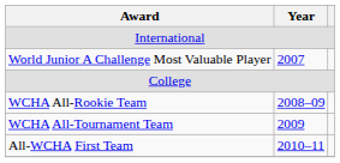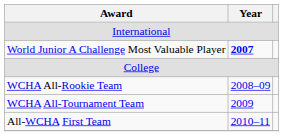 <table class="wikitable">
 <tr>
 <th>Award</th>
 <th>Year</th>
 <th></th>
 </tr>
 <tr ALIGN="center" bgcolor="#e0e0e0">
 <td colspan="3"><a href='#'>International</a></td>
 </tr>
 <tr>
 <td><a href='#'>World Junior A Challenge</a> Most Valuable Player</td>
-<td><a href='#'>2007</a></td>
+<td><strong><a href='#'>2007</a></strong></td>
 <td></td>
 </tr>
 <tr ALIGN="center" bgcolor="#e0e0e0">
 <td colspan="3"><a href='#'>College</a></td>
 </tr>
 <tr>
 <td><a href='#'>WCHA</a> All-<a href='#'>Rookie Team</a></td>
 <td><a href='#'>2008–09</a></td>
 <td></td>
 </tr>
 <tr>
 <td><a href='#'>WCHA</a> <a href='#'>All-Tournament Team</a></td>
 <td><a href='#'>2009</a></td>
 <td></td>
 </tr>
 <tr>
 <td>All-<a href='#'>WCHA</a> <a href='#'>First Team</a></td>
 <td><a href='#'>2010–11</a></td>
 <td></td>
 </tr>
 <tr>
 </tr>
 </table>
